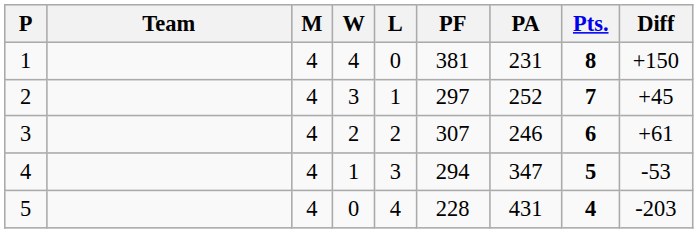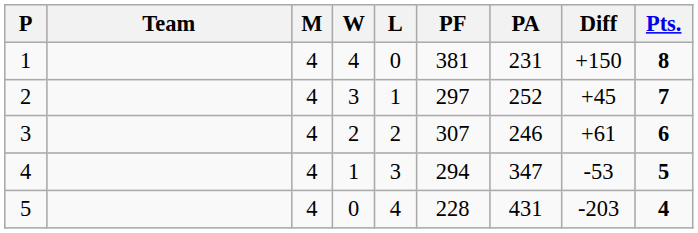 <table class=wikitable style="font-size:90%;">
 <tr align=center>
 <th width=20px>P</th>
 <th width=150px>Team</th>
 <th width=20px>M</th>
 <th width=20px>W</th>
 <th width=20px>L</th>
 <th width=40px>PF</th>
 <th width=40px>PA</th>
+<th width=40px>Diff</th>
 <th width=30px><a href='#'>Pts.</a></th>
-<th width=40px>Diff</th>
 </tr>
 <tr align=center>
 <td>1</td>
 <td align=left></td>
 <td>4</td>
 <td>4</td>
 <td>0</td>
 <td>381</td>
 <td>231</td>
+<td>+150</td>
 <td><strong>8</strong></td>
-<td>+150</td>
 </tr>
 <tr align=center>
 <td>2</td>
 <td align=left></td>
 <td>4</td>
 <td>3</td>
 <td>1</td>
 <td>297</td>
 <td>252</td>
+<td>+45</td>
 <td><strong>7</strong></td>
-<td>+45</td>
 </tr>
 <tr align=center>
 <td>3</td>
 <td align=left></td>
 <td>4</td>
 <td>2</td>
 <td>2</td>
 <td>307</td>
 <td>246</td>
+<td>+61</td>
 <td><strong>6</strong></td>
-<td>+61</td>
 </tr>
 <tr align=center>
 <td>4</td>
 <td align=left></td>
 <td>4</td>
 <td>1</td>
 <td>3</td>
 <td>294</td>
 <td>347</td>
+<td>-53</td>
 <td><strong>5</strong></td>
-<td>-53</td>
 </tr>
 <tr align=center>
 <td>5</td>
 <td align=left></td>
 <td>4</td>
 <td>0</td>
 <td>4</td>
 <td>228</td>
 <td>431</td>
+<td>-203</td>
 <td><strong>4</strong></td>
-<td>-203</td>
 </tr>
 </table>
